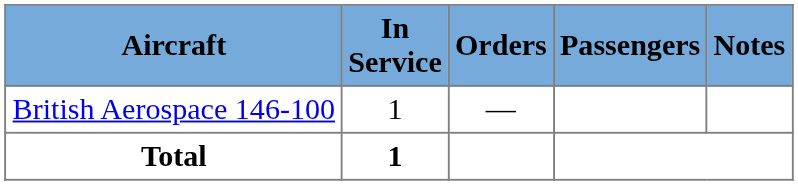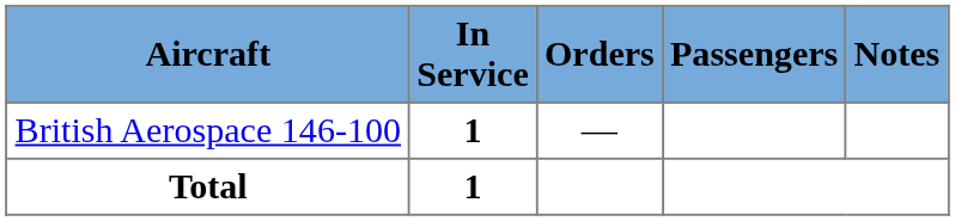 <table class="toccolours" border="1" cellpadding="3" style="margin:1em auto; border-collapse:collapse">
 <tr bgcolor=#75aadb>
 <th>Aircraft</th>
 <th>In<br>Service</th>
 <th>Orders</th>
 <th>Passengers</th>
 <th>Notes</th>
 </tr>
 <tr>
 <td><a href='#'>British Aerospace 146-100</a></td>
-<td align="center">1</td>
+<td align="center"><strong>1</strong></td>
 <td align="center">—</td>
 <td align="center"></td>
 <td></td>
 </tr>
 <tr>
 <th>Total</th>
 <th>1</th>
 <th></th>
 <th colspan="2"></th>
 </tr>
 </table>
